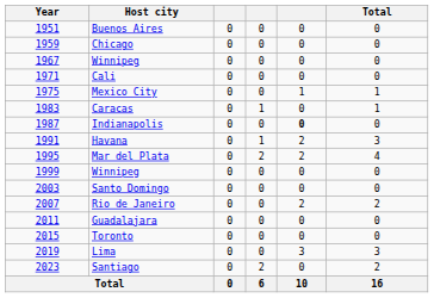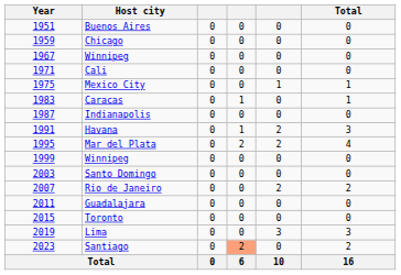 <table class="wikitable sortable" style=" text-align:center; font-size:95%;" width="60%">
 <tr>
 <th>Year</th>
 <th width=150>Host city</th>
 <th></th>
 <th></th>
 <th></th>
 <th>Total</th>
 </tr>
 <tr>
 <td><a href='#'>1951</a></td>
 <td align=left> <a href='#'>Buenos Aires</a></td>
 <td>0</td>
 <td>0</td>
 <td>0</td>
 <td>0</td>
 </tr>
 <tr>
 <td><a href='#'>1959</a></td>
 <td align=left> <a href='#'>Chicago</a></td>
 <td>0</td>
 <td>0</td>
 <td>0</td>
 <td>0</td>
 </tr>
 <tr>
 <td><a href='#'>1967</a></td>
 <td align=left> <a href='#'>Winnipeg</a></td>
 <td>0</td>
 <td>0</td>
 <td>0</td>
 <td>0</td>
 </tr>
 <tr>
 <td><a href='#'>1971</a></td>
 <td align=left> <a href='#'>Cali</a></td>
 <td>0</td>
 <td>0</td>
 <td>0</td>
 <td>0</td>
 </tr>
 <tr>
 <td><a href='#'>1975</a></td>
 <td align=left> <a href='#'>Mexico City</a></td>
 <td>0</td>
 <td>0</td>
 <td>1</td>
 <td>1</td>
 </tr>
 <tr>
 <td><a href='#'>1983</a></td>
 <td align=left> <a href='#'>Caracas</a></td>
 <td>0</td>
 <td>1</td>
 <td>0</td>
 <td>1</td>
 </tr>
 <tr>
 <td><a href='#'>1987</a></td>
 <td align=left> <a href='#'>Indianapolis</a></td>
 <td>0</td>
 <td>0</td>
-<td><strong>0</strong></td>
+<td>0</td>
 <td>0</td>
 </tr>
 <tr>
 <td><a href='#'>1991</a></td>
 <td align=left> <a href='#'>Havana</a></td>
 <td>0</td>
 <td>1</td>
 <td>2</td>
 <td>3</td>
 </tr>
 <tr>
 <td><a href='#'>1995</a></td>
 <td align=left> <a href='#'>Mar del Plata</a></td>
 <td>0</td>
 <td>2</td>
 <td>2</td>
 <td>4</td>
 </tr>
 <tr>
 <td><a href='#'>1999</a></td>
 <td align=left> <a href='#'>Winnipeg</a></td>
 <td>0</td>
 <td>0</td>
 <td>0</td>
 <td>0</td>
 </tr>
 <tr>
 <td><a href='#'>2003</a></td>
 <td align=left> <a href='#'>Santo Domingo</a></td>
 <td>0</td>
 <td>0</td>
 <td>0</td>
 <td>0</td>
 </tr>
 <tr>
 <td><a href='#'>2007</a></td>
 <td align=left> <a href='#'>Rio de Janeiro</a></td>
 <td>0</td>
 <td>0</td>
 <td>2</td>
 <td>2</td>
 </tr>
 <tr>
 <td><a href='#'>2011</a></td>
 <td align=left> <a href='#'>Guadalajara</a></td>
 <td>0</td>
 <td>0</td>
 <td>0</td>
 <td>0</td>
 </tr>
 <tr>
 <td><a href='#'>2015</a></td>
 <td align=left> <a href='#'>Toronto</a></td>
 <td>0</td>
 <td>0</td>
 <td>0</td>
 <td>0</td>
 </tr>
 <tr>
 <td><a href='#'>2019</a></td>
 <td align=left> <a href='#'>Lima</a></td>
 <td>0</td>
 <td>0</td>
 <td>3</td>
 <td>3</td>
 </tr>
 <tr>
 <td><a href='#'>2023</a></td>
 <td align=left> <a href='#'>Santiago</a></td>
 <td>0</td>
-<td>2</td>
+<td style="background: lightsalmon;">2</td>
 <td>0</td>
 <td>2</td>
 </tr>
 <tr>
 <th colspan="2">Total</th>
 <th>0</th>
 <th>6</th>
 <th>10</th>
 <th>16</th>
 </tr>
 </table>
